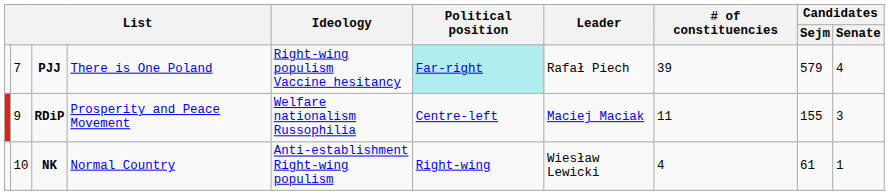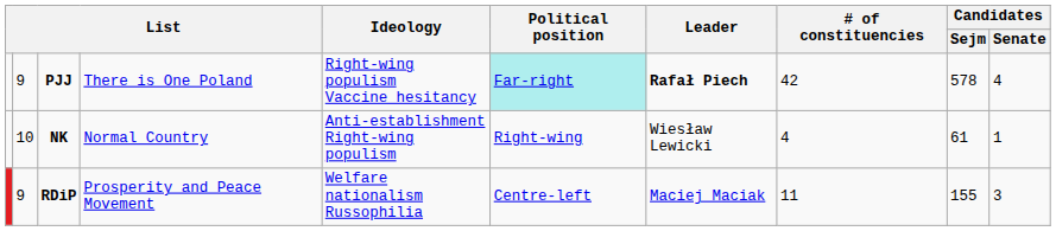 <table class=wikitable style="font-size:95%;">
 <tr>
 <th colspan="4" rowspan="2">List</th>
 <th rowspan="2">Ideology</th>
 <th rowspan="2">Political position</th>
 <th rowspan="2">Leader</th>
 <th rowspan="2"># of constituencies</th>
 <th colspan="2">Candidates</th>
 </tr>
 <tr>
 <th>Sejm</th>
 <th>Senate</th>
 </tr>
 <tr>
 <td style="background:"></td>
-<td>7</td>
+<td>9</td>
 <td style="text-align:center;"><strong>PJJ</strong></td>
 <td><a href='#'>There is One Poland</a><br></td>
 <td><a href='#'>Right-wing populism</a><br><a href='#'>Vaccine hesitancy</a></td>
 <td style="background: paleturquoise;"><a href='#'>Far-right</a></td>
-<td>Rafał Piech</td>
-<td>39</td>
-<td>579</td>
+<td><strong>Rafał Piech</strong></td>
+<td>42</td>
+<td>578</td>
 <td>4</td>
+</tr>
+<tr>
+<td style="background:"></td>
+<td>10</td>
+<td style="text-align:center;"><strong>NK</strong></td>
+<td><a href='#'>Normal Country</a><br></td>
+<td><a href='#'>Anti-establishment</a><br><a href='#'>Right-wing populism</a></td>
+<td><a href='#'>Right-wing</a></td>
+<td>Wiesław Lewicki</td>
+<td>4</td>
+<td>61</td>
+<td>1</td>
 </tr>
 <tr>
 <td style="background:#e41d22;"></td>
 <td>9</td>
 <td style="text-align:center;"><strong>RDiP</strong></td>
 <td><a href='#'>Prosperity and Peace Movement</a><br></td>
 <td><a href='#'>Welfare nationalism</a><br><a href='#'>Russophilia</a></td>
 <td><a href='#'>Centre-left</a></td>
 <td><a href='#'>Maciej Maciak</a></td>
 <td>11</td>
 <td>155</td>
 <td>3</td>
 </tr>
-<tr>
-<td style="background:"></td>
-<td>10</td>
-<td style="text-align:center;"><strong>NK</strong></td>
-<td><a href='#'>Normal Country</a><br></td>
-<td><a href='#'>Anti-establishment</a><br><a href='#'>Right-wing populism</a></td>
-<td><a href='#'>Right-wing</a></td>
-<td>Wiesław Lewicki</td>
-<td>4</td>
-<td>61</td>
-<td>1</td>
-</tr>
 </table>
